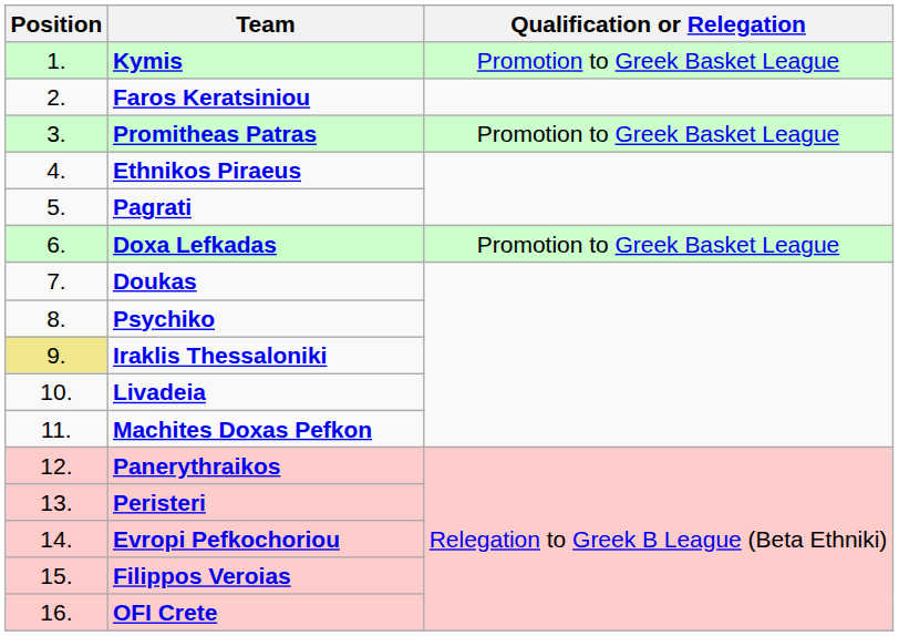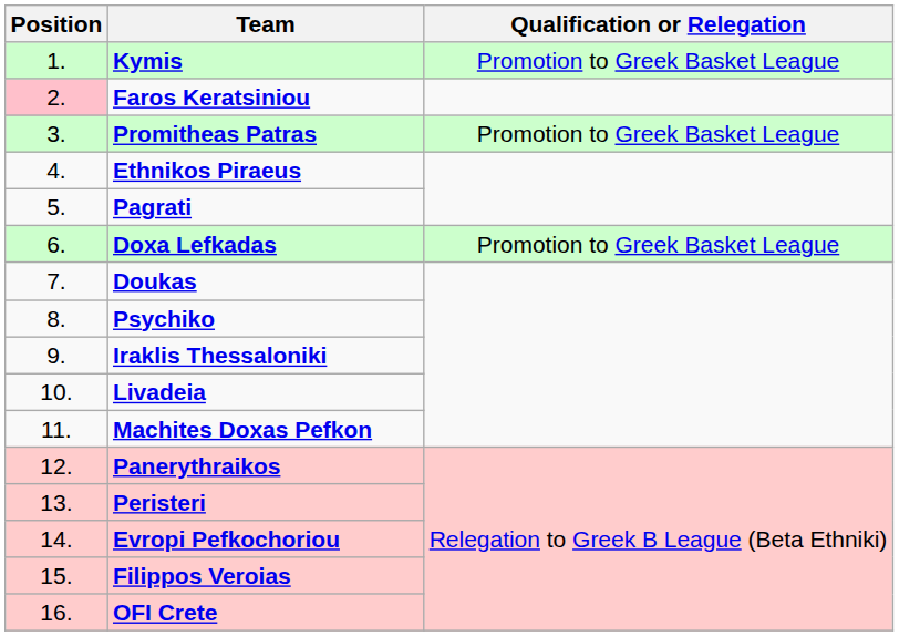 <table class="wikitable" style="text-align: center; font-size:95%">
 <tr>
 <th width="44">Position</th>
 <th width="200">Team</th>
 <th>Qualification or <a href='#'>Relegation</a></th>
 </tr>
 <tr style="background:#cfc;">
 <td>1.</td>
 <td align="left"><strong><a href='#'>Kymis</a></strong></td>
 <td><a href='#'>Promotion</a> to <a href='#'>Greek Basket League</a></td>
 </tr>
 <tr>
-<td>2.</td>
+<td style="background: pink;">2.</td>
 <td align="left"><strong><a href='#'>Faros Keratsiniou</a></strong></td>
 <td></td>
 </tr>
 <tr style="background:#cfc;">
 <td>3.</td>
 <td align="left"><strong><a href='#'>Promitheas Patras</a></strong></td>
 <td>Promotion to <a href='#'>Greek Basket League</a></td>
 </tr>
 <tr>
 <td>4.</td>
 <td align="left"><strong><a href='#'>Ethnikos Piraeus</a></strong></td>
 <td rowspan="2"></td>
 </tr>
 <tr>
 <td>5.</td>
 <td align="left"><strong> <a href='#'>Pagrati</a></strong></td>
 </tr>
 <tr style="background:#cfc;">
 <td>6.</td>
 <td align="left"><strong><a href='#'>Doxa Lefkadas</a></strong></td>
 <td>Promotion to <a href='#'>Greek Basket League</a></td>
 </tr>
 <tr>
 <td>7.</td>
 <td align="left"><strong><a href='#'>Doukas</a>	</strong></td>
 <td rowspan="5"></td>
 </tr>
 <tr>
 <td>8.</td>
 <td align="left"><strong><a href='#'>Psychiko</a></strong></td>
 </tr>
 <tr>
-<td style="background: khaki;">9.</td>
+<td>9.</td>
 <td align="left"><strong><a href='#'>Iraklis Thessaloniki</a></strong></td>
 </tr>
 <tr>
 <td>10.</td>
 <td align="left"><strong><a href='#'>Livadeia</a></strong></td>
 </tr>
 <tr>
 <td>11.</td>
 <td align="left"><strong><a href='#'>Machites Doxas Pefkon</a></strong></td>
 </tr>
 <tr style="background:#fcc;">
 <td>12.</td>
 <td align="left"><strong><a href='#'>Panerythraikos</a></strong></td>
 <td rowspan="5"><a href='#'>Relegation</a> to <a href='#'>Greek B League</a> (Beta Ethniki)</td>
 </tr>
 <tr style="background:#fcc;">
 <td>13.</td>
 <td align="left"><strong><a href='#'>Peristeri</a></strong></td>
 </tr>
 <tr style="background:#fcc;">
 <td>14.</td>
 <td align="left"><strong><a href='#'>Evropi Pefkochoriou</a></strong></td>
 </tr>
 <tr style="background:#fcc;">
 <td>15.</td>
 <td align="left"><strong><a href='#'>Filippos Veroias</a></strong></td>
 </tr>
 <tr style="background:#fcc;">
 <td>16.</td>
 <td align="left"><strong><a href='#'>OFI Crete</a></strong></td>
 </tr>
 </table>
